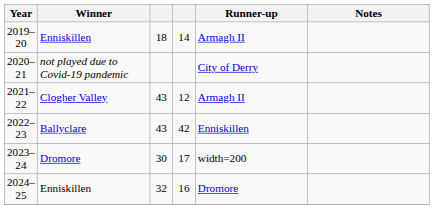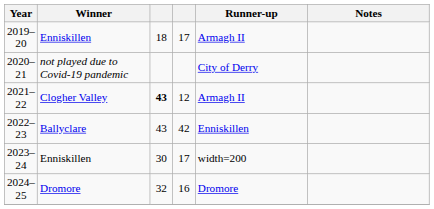 <table class="wikitable">
 <tr>
 <th>Year</th>
 <th>Winner</th>
 <th></th>
 <th></th>
 <th>Runner-up</th>
 <th>Notes</th>
 </tr>
 <tr>
 <td align="center">2019–20</td>
 <td width=200><a href='#'>Enniskillen</a></td>
 <td width=30 align="center">18</td>
-<td width=30 align="center">14</td>
+<td width=30 align="center">17</td>
 <td width=200><a href='#'>Armagh II</a></td>
 <td width=240></td>
 </tr>
 <tr>
 <td align="center">2020–21</td>
 <td><em>not played due to Covid-19 pandemic</em></td>
 <td></td>
 <td></td>
 <td width=200><a href='#'>City of Derry</a></td>
 <td width=240></td>
 </tr>
 <tr>
 <td align="center">2021–22</td>
 <td width=200><a href='#'>Clogher Valley</a></td>
-<td width=30 align="center">43</td>
+<td width=30 align="center"><strong>43</strong></td>
 <td width=30 align="center">12</td>
 <td width=200><a href='#'>Armagh II</a></td>
 <td width=240></td>
 </tr>
 <tr>
 <td align="center">2022–23</td>
 <td width=200><a href='#'>Ballyclare</a></td>
 <td width=30 align="center">43</td>
 <td width=30 align="center">42</td>
 <td width=200><a href='#'>Enniskillen</a></td>
 <td width=240></td>
 </tr>
 <tr>
 <td align="center">2023–24</td>
-<td width=200><a href='#'>Dromore</a></td>
+<td width=200>Enniskillen</td>
 <td width=30 align="center">30</td>
 <td width=30 align="center">17</td>
 <td>width=200</td>
 <td width=240></td>
 </tr>
 <tr>
 <td align="center">2024–25</td>
-<td width=200>Enniskillen</td>
+<td width=200><a href='#'>Dromore</a></td>
 <td width=30 align="center">32</td>
 <td width=30 align="center">16</td>
 <td width=200><a href='#'>Dromore</a></td>
 <td width=240></td>
 </tr>
 <tr>
 </tr>
 </table>
